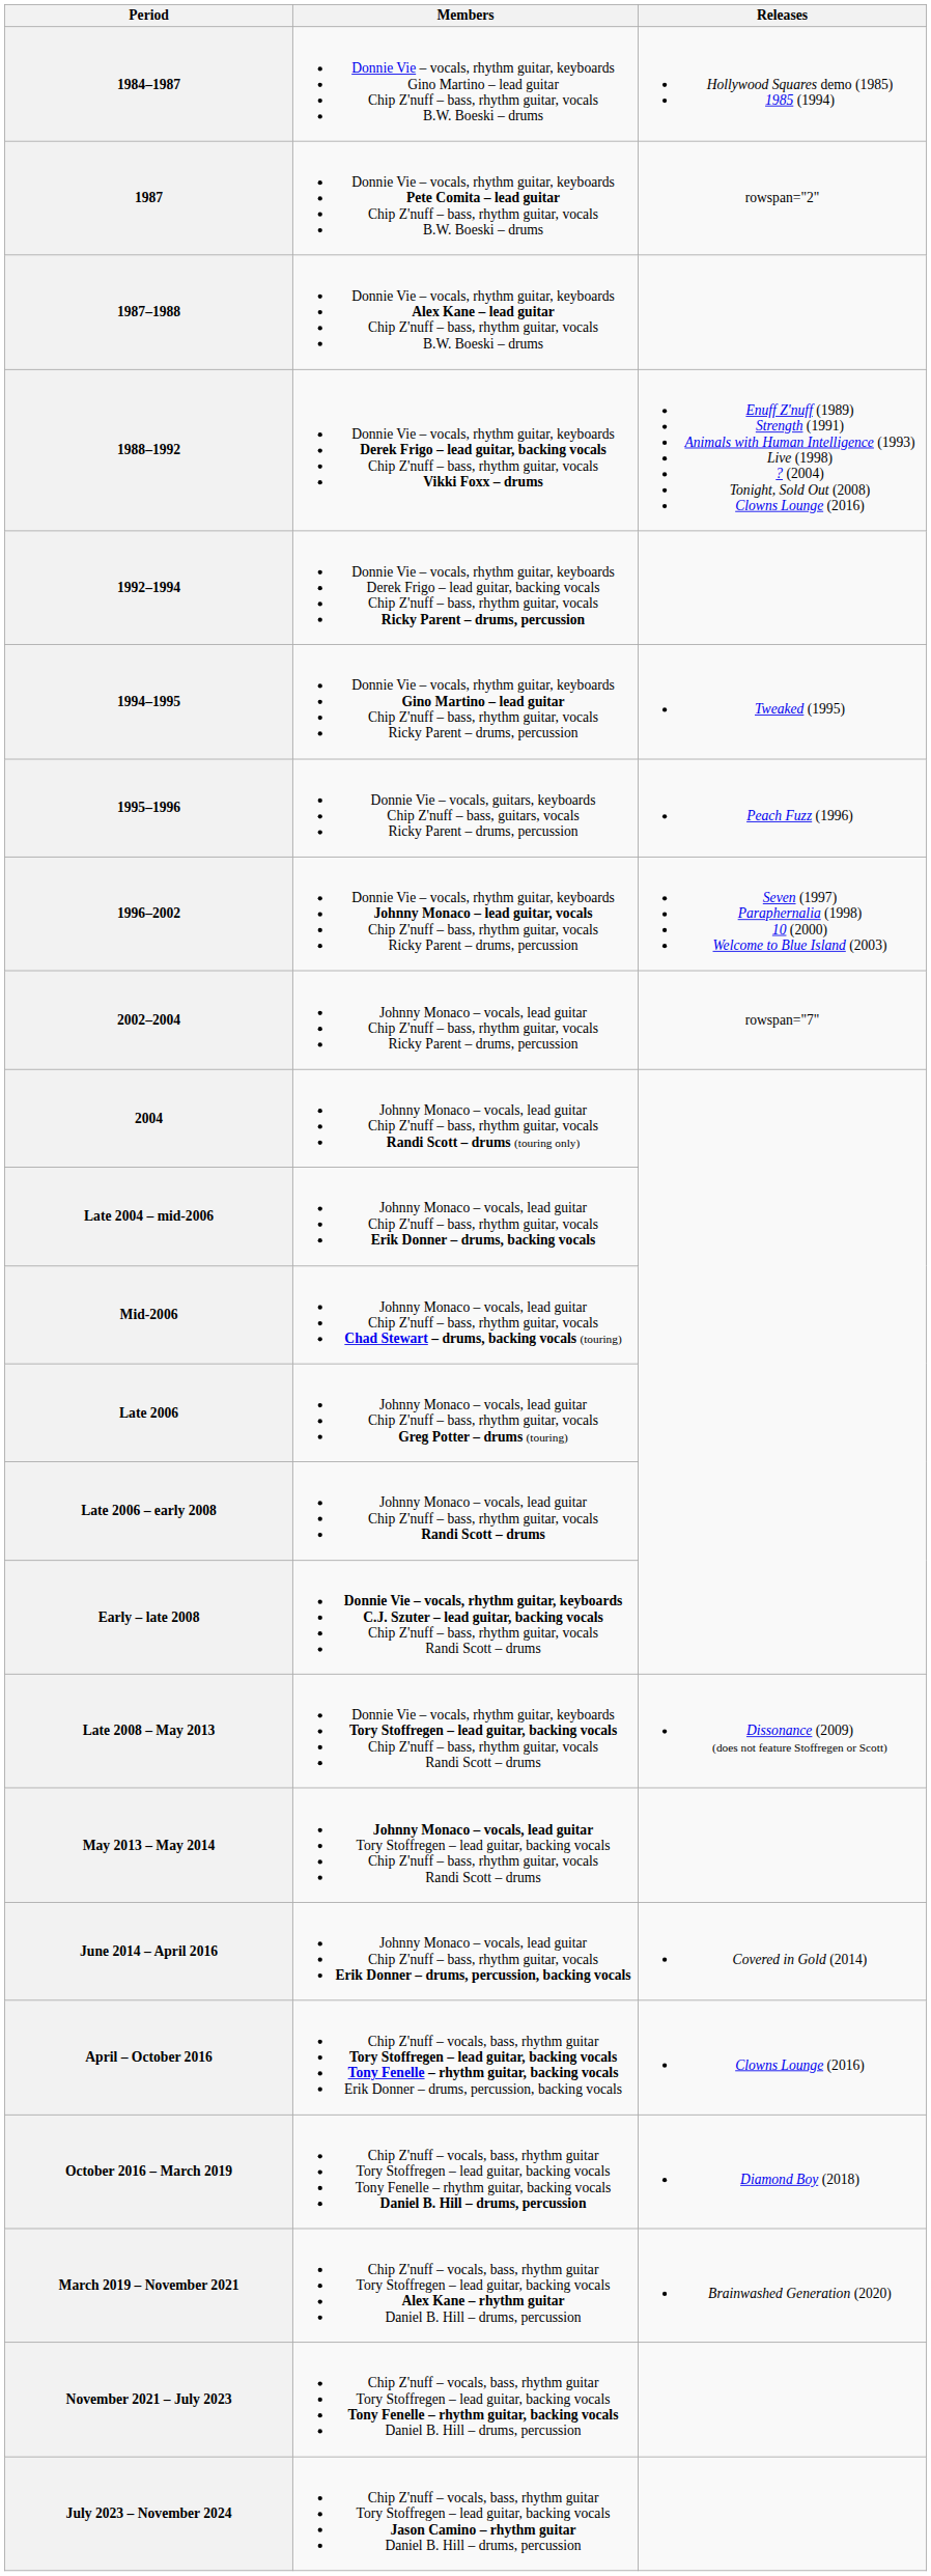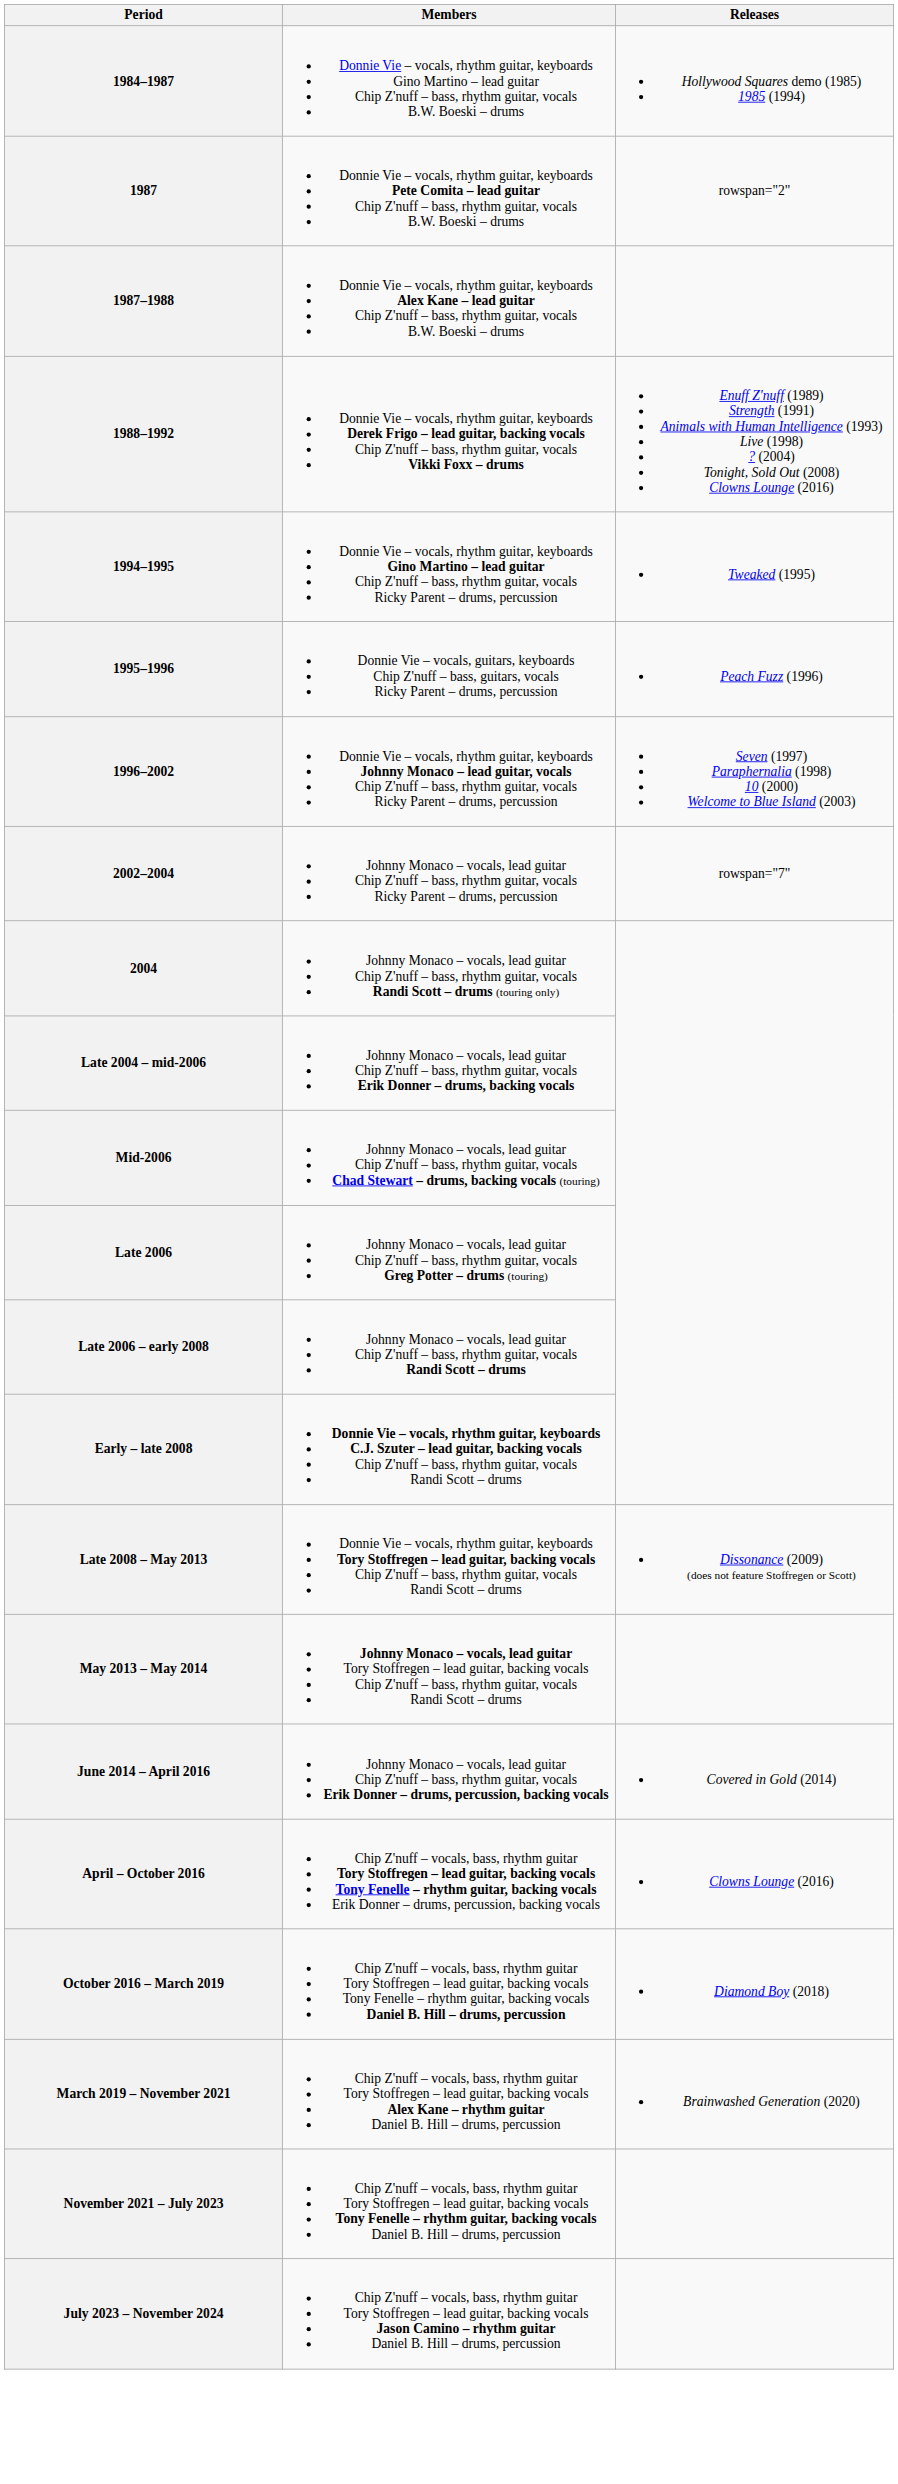 <table class="wikitable plainrowheaders" style="text-align:center;">
 <tr>
 <th scope="col" style="width:20em;">Period</th>
 <th scope="col" style="width:24em;">Members</th>
 <th scope="col" style="width:20em;">Releases</th>
 </tr>
 <tr>
 <th scope="col">1984–1987</th>
 <td><br><ul><li><a href='#'>Donnie Vie</a> – vocals, rhythm guitar, keyboards</li><li>Gino Martino – lead guitar</li><li>Chip Z'nuff – bass, rhythm guitar, vocals</li><li>B.W. Boeski – drums</li></ul></td>
 <td><br><ul><li><em>Hollywood Squares</em> demo (1985)</li><li><em><a href='#'>1985</a></em> (1994)</li></ul></td>
 </tr>
 <tr>
 <th scope="col">1987</th>
 <td><br><ul><li>Donnie Vie – vocals, rhythm guitar, keyboards</li><li><strong>Pete Comita – lead guitar</strong></li><li>Chip Z'nuff – bass, rhythm guitar, vocals</li><li>B.W. Boeski – drums</li></ul></td>
 <td>rowspan="2" </td>
 </tr>
 <tr>
 <th scope="col">1987–1988</th>
 <td><br><ul><li>Donnie Vie – vocals, rhythm guitar, keyboards</li><li><strong>Alex Kane – lead guitar</strong></li><li>Chip Z'nuff – bass, rhythm guitar, vocals</li><li>B.W. Boeski – drums</li></ul></td>
 </tr>
 <tr>
 <th scope="col">1988–1992</th>
 <td><br><ul><li>Donnie Vie – vocals, rhythm guitar, keyboards</li><li><strong>Derek Frigo – lead guitar, backing vocals</strong></li><li>Chip Z'nuff – bass, rhythm guitar, vocals</li><li><strong>Vikki Foxx – drums</strong></li></ul></td>
 <td><br><ul><li><em><a href='#'>Enuff Z'nuff</a></em> (1989)</li><li><em><a href='#'>Strength</a></em> (1991)</li><li><em><a href='#'>Animals with Human Intelligence</a></em> (1993)</li><li><em>Live</em> (1998)</li><li><em><a href='#'>?</a></em> (2004)</li><li><em>Tonight, Sold Out</em> (2008)</li><li><em><a href='#'>Clowns Lounge</a></em> (2016)</li></ul></td>
-</tr>
-<tr>
-<th scope="col">1992–1994</th>
-<td><br><ul><li>Donnie Vie – vocals, rhythm guitar, keyboards</li><li>Derek Frigo – lead guitar, backing vocals</li><li>Chip Z'nuff – bass, rhythm guitar, vocals</li><li><strong>Ricky Parent – drums, percussion</strong></li></ul></td>
-<td></td>
 </tr>
 <tr>
 <th scope="col">1994–1995</th>
 <td><br><ul><li>Donnie Vie – vocals, rhythm guitar, keyboards</li><li><strong>Gino Martino – lead guitar</strong></li><li>Chip Z'nuff – bass, rhythm guitar, vocals</li><li>Ricky Parent – drums, percussion</li></ul></td>
 <td><br><ul><li><em><a href='#'>Tweaked</a></em> (1995)</li></ul></td>
 </tr>
 <tr>
 <th scope="col">1995–1996</th>
 <td><br><ul><li>Donnie Vie – vocals, guitars, keyboards</li><li>Chip Z'nuff – bass, guitars, vocals</li><li>Ricky Parent – drums, percussion</li></ul></td>
 <td><br><ul><li><em><a href='#'>Peach Fuzz</a></em> (1996)</li></ul></td>
 </tr>
 <tr>
 <th scope="col">1996–2002</th>
 <td><br><ul><li>Donnie Vie – vocals, rhythm guitar, keyboards</li><li><strong>Johnny Monaco – lead guitar, vocals</strong></li><li>Chip Z'nuff – bass, rhythm guitar, vocals</li><li>Ricky Parent – drums, percussion</li></ul></td>
 <td><br><ul><li><em><a href='#'>Seven</a></em> (1997)</li><li><em><a href='#'>Paraphernalia</a></em> (1998)</li><li><em><a href='#'>10</a></em> (2000)</li><li><em><a href='#'>Welcome to Blue Island</a></em> (2003)</li></ul></td>
 </tr>
 <tr>
 <th scope="col">2002–2004</th>
 <td><br><ul><li>Johnny Monaco – vocals, lead guitar</li><li>Chip Z'nuff – bass, rhythm guitar, vocals</li><li>Ricky Parent – drums, percussion</li></ul></td>
 <td>rowspan="7" </td>
 </tr>
 <tr>
 <th scope="col">2004</th>
 <td><br><ul><li>Johnny Monaco – vocals, lead guitar</li><li>Chip Z'nuff – bass, rhythm guitar, vocals</li><li><strong>Randi Scott – drums</strong> <small>(touring only)</small></li></ul></td>
 </tr>
 <tr>
 <th scope="col">Late 2004 – mid-2006</th>
 <td><br><ul><li>Johnny Monaco – vocals, lead guitar</li><li>Chip Z'nuff – bass, rhythm guitar, vocals</li><li><strong>Erik Donner – drums, backing vocals</strong></li></ul></td>
 </tr>
 <tr>
 <th scope="col">Mid-2006</th>
 <td><br><ul><li>Johnny Monaco – vocals, lead guitar</li><li>Chip Z'nuff – bass, rhythm guitar, vocals</li><li><strong><a href='#'>Chad Stewart</a> – drums, backing vocals</strong> <small>(touring)</small></li></ul></td>
 </tr>
 <tr>
 <th scope="col">Late 2006</th>
 <td><br><ul><li>Johnny Monaco – vocals, lead guitar</li><li>Chip Z'nuff – bass, rhythm guitar, vocals</li><li><strong>Greg Potter – drums</strong> <small>(touring)</small></li></ul></td>
 </tr>
 <tr>
 <th scope="col">Late 2006 – early 2008</th>
 <td><br><ul><li>Johnny Monaco – vocals, lead guitar</li><li>Chip Z'nuff – bass, rhythm guitar, vocals</li><li><strong>Randi Scott – drums</strong></li></ul></td>
 </tr>
 <tr>
 <th scope="col">Early – late 2008</th>
 <td><br><ul><li><strong>Donnie Vie – vocals, rhythm guitar, keyboards</strong></li><li><strong>C.J. Szuter – lead guitar, backing vocals</strong></li><li>Chip Z'nuff – bass, rhythm guitar, vocals</li><li>Randi Scott – drums</li></ul></td>
 </tr>
 <tr>
 <th scope="col">Late 2008 – May 2013</th>
 <td><br><ul><li>Donnie Vie – vocals, rhythm guitar, keyboards</li><li><strong>Tory Stoffregen – lead guitar, backing vocals</strong></li><li>Chip Z'nuff – bass, rhythm guitar, vocals</li><li>Randi Scott – drums</li></ul></td>
 <td><br><ul><li><em><a href='#'>Dissonance</a></em> (2009)<br><small>(does not feature Stoffregen or Scott)</small></li></ul></td>
 </tr>
 <tr>
 <th scope="col">May 2013 – May 2014</th>
 <td><br><ul><li><strong>Johnny Monaco – vocals, lead guitar</strong></li><li>Tory Stoffregen – lead guitar, backing vocals</li><li>Chip Z'nuff – bass, rhythm guitar, vocals</li><li>Randi Scott – drums</li></ul></td>
 <td></td>
 </tr>
 <tr>
 <th scope="col">June 2014 – April 2016</th>
 <td><br><ul><li>Johnny Monaco – vocals, lead guitar</li><li>Chip Z'nuff – bass, rhythm guitar, vocals</li><li><strong>Erik Donner – drums, percussion, backing vocals</strong></li></ul></td>
 <td><br><ul><li><em>Covered in Gold</em> (2014)</li></ul></td>
 </tr>
 <tr>
 <th scope="col">April – October 2016</th>
 <td><br><ul><li>Chip Z'nuff – vocals, bass, rhythm guitar</li><li><strong>Tory Stoffregen – lead guitar, backing vocals</strong></li><li><strong><a href='#'>Tony Fenelle</a> – rhythm guitar, backing vocals</strong></li><li>Erik Donner – drums, percussion, backing vocals</li></ul></td>
 <td><br><ul><li><em><a href='#'>Clowns Lounge</a></em> (2016)</li></ul></td>
 </tr>
 <tr>
 <th scope="col">October 2016 – March 2019</th>
 <td><br><ul><li>Chip Z'nuff – vocals, bass, rhythm guitar</li><li>Tory Stoffregen – lead guitar, backing vocals</li><li>Tony Fenelle – rhythm guitar, backing vocals</li><li><strong>Daniel B. Hill – drums, percussion</strong></li></ul></td>
 <td><br><ul><li><em><a href='#'>Diamond Boy</a></em> (2018)</li></ul></td>
 </tr>
 <tr>
 <th scope="col">March 2019 – November 2021</th>
 <td><br><ul><li>Chip Z'nuff – vocals, bass, rhythm guitar</li><li>Tory Stoffregen – lead guitar, backing vocals</li><li><strong>Alex Kane – rhythm guitar</strong></li><li>Daniel B. Hill – drums, percussion</li></ul></td>
 <td><br><ul><li><em>Brainwashed Generation</em> (2020)</li></ul></td>
 </tr>
 <tr>
 <th>November 2021 – July 2023</th>
 <td><br><ul><li>Chip Z'nuff – vocals, bass, rhythm guitar</li><li>Tory Stoffregen – lead guitar, backing vocals</li><li><strong>Tony Fenelle – rhythm guitar, backing vocals</strong></li><li>Daniel B. Hill – drums, percussion</li></ul></td>
 <td></td>
 </tr>
 <tr>
 <th>July 2023 – November 2024</th>
 <td><br><ul><li>Chip Z'nuff – vocals, bass, rhythm guitar</li><li>Tory Stoffregen – lead guitar, backing vocals</li><li><strong>Jason Camino – rhythm guitar</strong></li><li>Daniel B. Hill – drums, percussion</li></ul></td>
 <td></td>
 </tr>
 </table>
